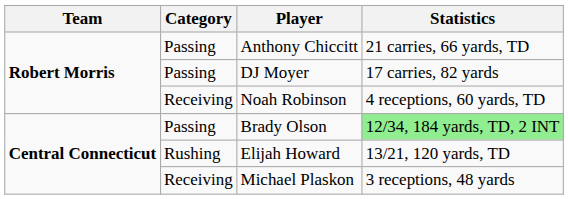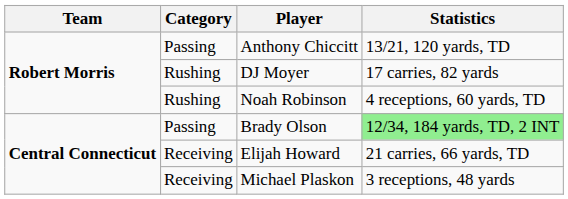 <table class="wikitable" style="float: right;">
 <tr>
 <th>Team</th>
 <th>Category</th>
 <th>Player</th>
 <th>Statistics</th>
 </tr>
 <tr>
 <td rowspan=3><strong>Robert Morris</strong></td>
 <td>Passing</td>
 <td>Anthony Chiccitt</td>
-<td>21 carries, 66 yards, TD</td>
+<td>13/21, 120 yards, TD</td>
 </tr>
 <tr>
-<td>Passing</td>
+<td>Rushing</td>
 <td>DJ Moyer</td>
 <td>17 carries, 82 yards</td>
 </tr>
 <tr>
-<td>Receiving</td>
+<td>Rushing</td>
 <td>Noah Robinson</td>
 <td>4 receptions, 60 yards, TD</td>
 </tr>
 <tr>
 <td rowspan=3><strong>Central Connecticut</strong></td>
 <td>Passing</td>
 <td>Brady Olson</td>
 <td style="background: lightgreen;">12/34, 184 yards, TD, 2 INT</td>
 </tr>
 <tr>
-<td>Rushing</td>
+<td>Receiving</td>
 <td>Elijah Howard</td>
-<td>13/21, 120 yards, TD</td>
+<td>21 carries, 66 yards, TD</td>
 </tr>
 <tr>
 <td>Receiving</td>
 <td>Michael Plaskon</td>
 <td>3 receptions, 48 yards</td>
 </tr>
 </table>
